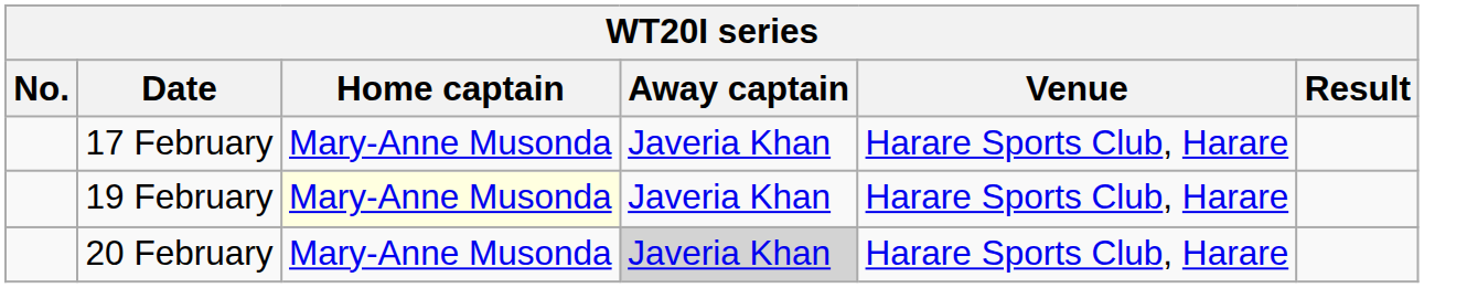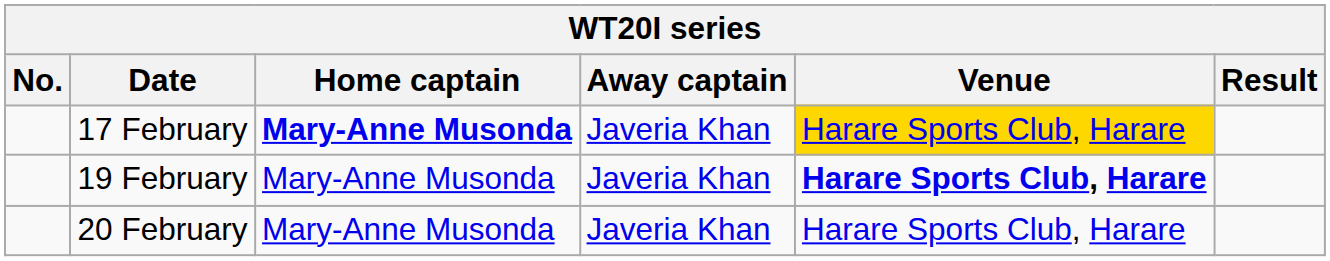 <table class="wikitable">
 <tr>
 <th colspan="9">WT20I series</th>
 </tr>
 <tr>
 <th>No.</th>
 <th>Date</th>
 <th>Home captain</th>
 <th>Away captain</th>
 <th>Venue</th>
 <th>Result</th>
 </tr>
 <tr>
 <td></td>
 <td>17 February</td>
-<td><a href='#'>Mary-Anne Musonda</a></td>
+<td><strong><a href='#'>Mary-Anne Musonda</a></strong></td>
 <td><a href='#'>Javeria Khan</a></td>
-<td><a href='#'>Harare Sports Club</a>, <a href='#'>Harare</a></td>
+<td style="background: gold;"><a href='#'>Harare Sports Club</a>, <a href='#'>Harare</a></td>
 <td></td>
 </tr>
 <tr>
 <td></td>
 <td>19 February</td>
-<td style="background: lightyellow;"><a href='#'>Mary-Anne Musonda</a></td>
+<td><a href='#'>Mary-Anne Musonda</a></td>
 <td><a href='#'>Javeria Khan</a></td>
-<td><a href='#'>Harare Sports Club</a>, <a href='#'>Harare</a></td>
+<td><strong><a href='#'>Harare Sports Club</a>, <a href='#'>Harare</a></strong></td>
 <td></td>
 </tr>
 <tr>
 <td></td>
 <td>20 February</td>
 <td><a href='#'>Mary-Anne Musonda</a></td>
-<td style="background: lightgrey;"><a href='#'>Javeria Khan</a></td>
+<td><a href='#'>Javeria Khan</a></td>
 <td><a href='#'>Harare Sports Club</a>, <a href='#'>Harare</a></td>
 <td></td>
 </tr>
 </table>
